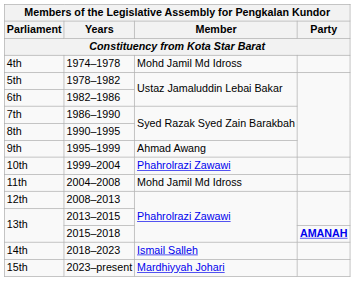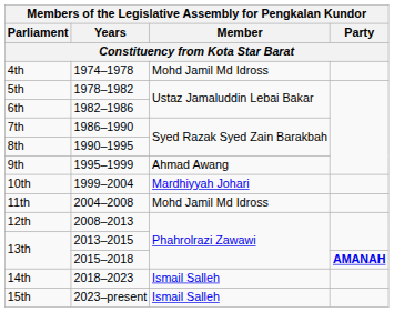 <table class="wikitable">
 <tr>
 <th colspan="4">Members of the Legislative Assembly for Pengkalan Kundor</th>
 </tr>
 <tr>
 <th>Parliament</th>
 <th>Years</th>
 <th>Member</th>
 <th>Party</th>
 </tr>
 <tr>
 <th colspan="4"><em>Constituency from Kota Star Barat</em></th>
 </tr>
 <tr>
 <td>4th</td>
 <td>1974–1978</td>
 <td>Mohd Jamil Md Idross</td>
 <td></td>
 </tr>
 <tr>
 <td>5th</td>
 <td>1978–1982</td>
 <td rowspan="2">Ustaz Jamaluddin Lebai Bakar</td>
 <td rowspan="5"></td>
 </tr>
 <tr>
 <td>6th</td>
 <td>1982–1986</td>
 </tr>
 <tr>
 <td>7th</td>
 <td>1986–1990</td>
 <td rowspan="2">Syed Razak Syed Zain Barakbah</td>
 </tr>
 <tr>
 <td>8th</td>
 <td>1990–1995</td>
 </tr>
 <tr>
 <td>9th</td>
 <td>1995–1999</td>
 <td>Ahmad Awang</td>
 </tr>
 <tr>
 <td>10th</td>
 <td>1999–2004</td>
-<td><a href='#'>Phahrolrazi Zawawi</a></td>
+<td><a href='#'>Mardhiyyah Johari</a></td>
 <td></td>
 </tr>
 <tr>
 <td>11th</td>
 <td>2004–2008</td>
 <td>Mohd Jamil Md Idross</td>
 <td></td>
 </tr>
 <tr>
 <td>12th</td>
 <td>2008–2013</td>
 <td rowspan="3"><a href='#'>Phahrolrazi Zawawi</a></td>
 <td rowspan="2"></td>
 </tr>
 <tr>
 <td rowspan="2">13th</td>
 <td>2013–2015</td>
 </tr>
 <tr>
 <td>2015–2018</td>
 <td><strong><a href='#'>AMANAH</a></strong></td>
 </tr>
 <tr>
 <td>14th</td>
 <td>2018–2023</td>
 <td><a href='#'>Ismail Salleh</a></td>
 <td></td>
 </tr>
 <tr>
 <td>15th</td>
 <td>2023–present</td>
-<td><a href='#'>Mardhiyyah Johari</a></td>
+<td><a href='#'>Ismail Salleh</a></td>
 <td></td>
 </tr>
 </table>
